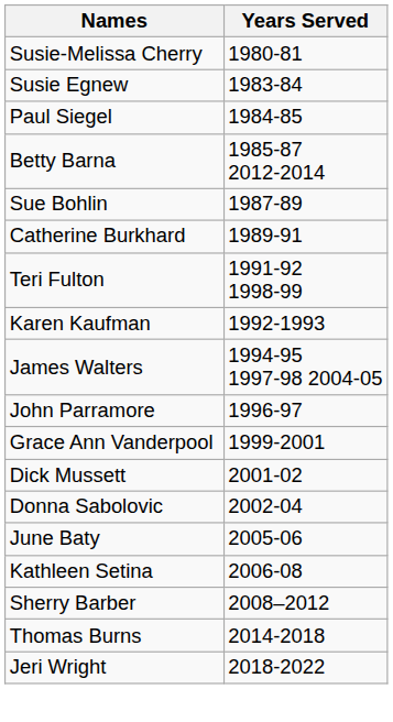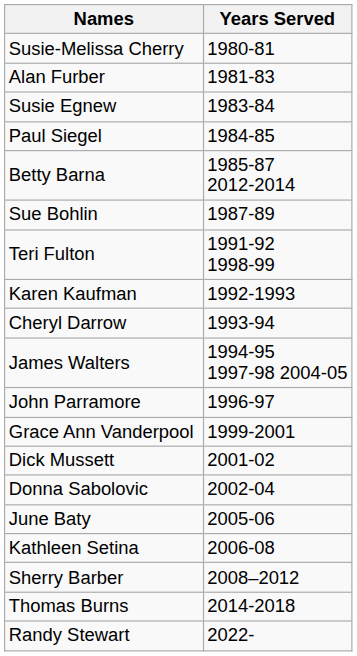 <table class="wikitable">
 <tr>
 <th>Names</th>
 <th>Years Served</th>
 </tr>
 <tr>
 <td>Susie-Melissa Cherry</td>
 <td>1980-81</td>
+</tr>
+<tr>
+<td>Alan Furber</td>
+<td>1981-83</td>
 </tr>
 <tr>
 <td>Susie Egnew</td>
 <td>1983-84</td>
 </tr>
 <tr>
 <td>Paul Siegel </td>
 <td>1984-85</td>
 </tr>
 <tr>
 <td>Betty Barna</td>
 <td>1985-87<br>2012-2014</td>
 </tr>
 <tr>
 <td>Sue Bohlin </td>
 <td>1987-89</td>
 </tr>
 <tr>
-<td>Catherine Burkhard</td>
-<td>1989-91</td>
-</tr>
-<tr>
 <td>Teri Fulton</td>
 <td>1991-92<br>1998-99</td>
 </tr>
 <tr>
 <td>Karen Kaufman</td>
 <td>1992-1993</td>
+</tr>
+<tr>
+<td>Cheryl Darrow</td>
+<td>1993-94</td>
 </tr>
 <tr>
 <td>James Walters  </td>
 <td>1994-95<br>1997-98 2004-05</td>
 </tr>
 <tr>
 <td>John Parramore </td>
 <td>1996-97</td>
 </tr>
 <tr>
 <td>Grace Ann Vanderpool </td>
 <td>1999-2001</td>
 </tr>
 <tr>
 <td>Dick Mussett</td>
 <td>2001-02</td>
 </tr>
 <tr>
 <td>Donna Sabolovic</td>
 <td>2002-04</td>
 </tr>
 <tr>
 <td>June Baty</td>
 <td>2005-06</td>
 </tr>
 <tr>
 <td>Kathleen Setina  </td>
 <td>2006-08</td>
 </tr>
 <tr>
 <td>Sherry Barber</td>
 <td>2008–2012</td>
 </tr>
 <tr>
 <td>Thomas Burns</td>
 <td>2014-2018</td>
 </tr>
 <tr>
-<td>Jeri Wright   </td>
-<td>2018-2022</td>
+<td>Randy Stewart</td>
+<td>2022-</td>
 </tr>
 </table>
